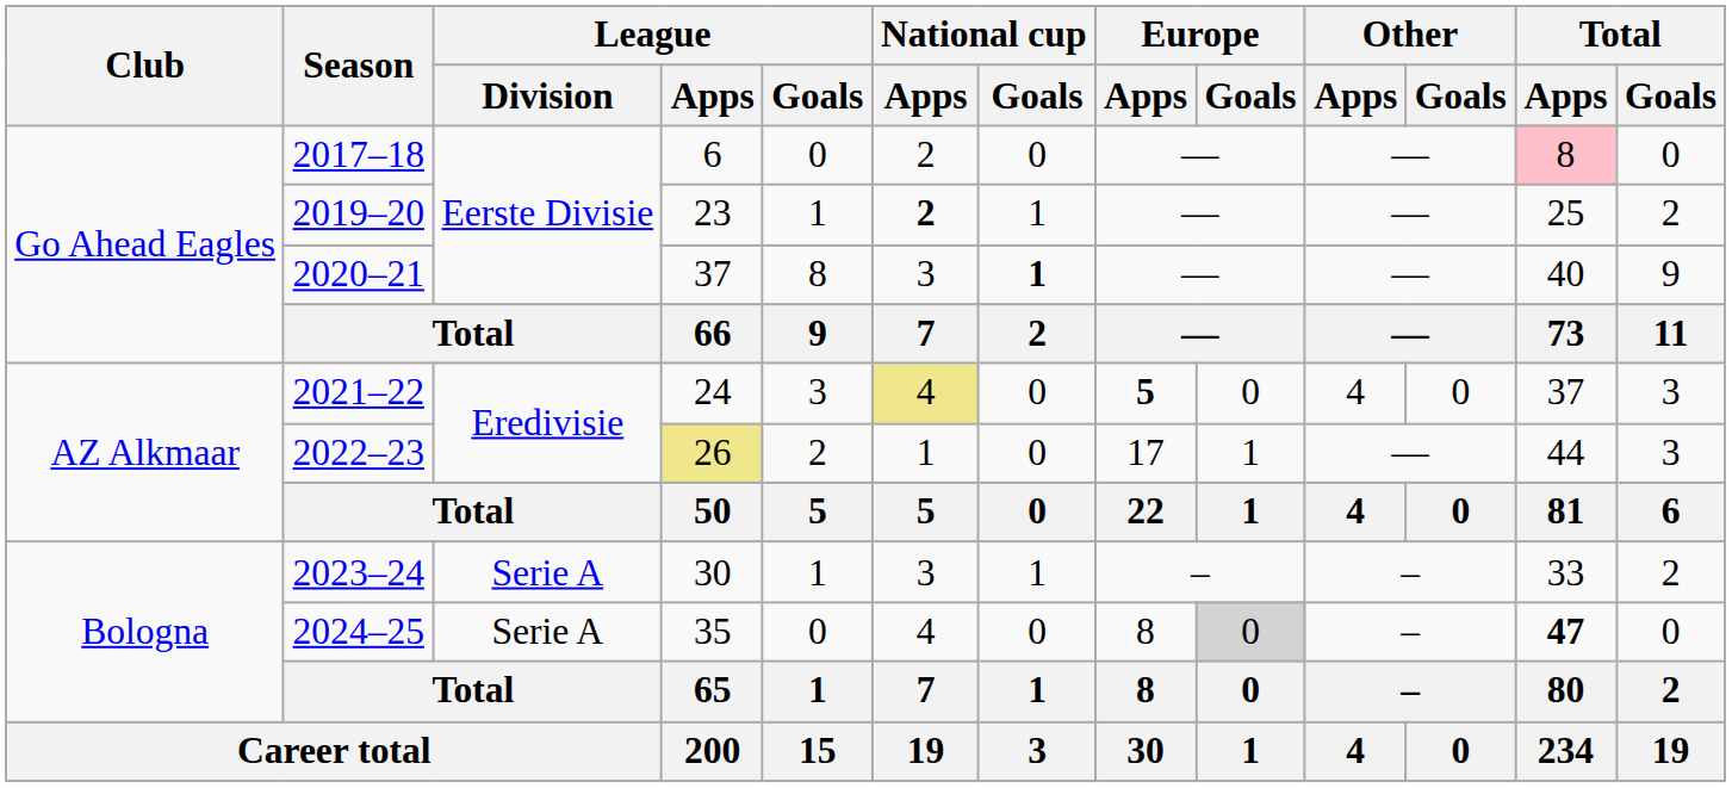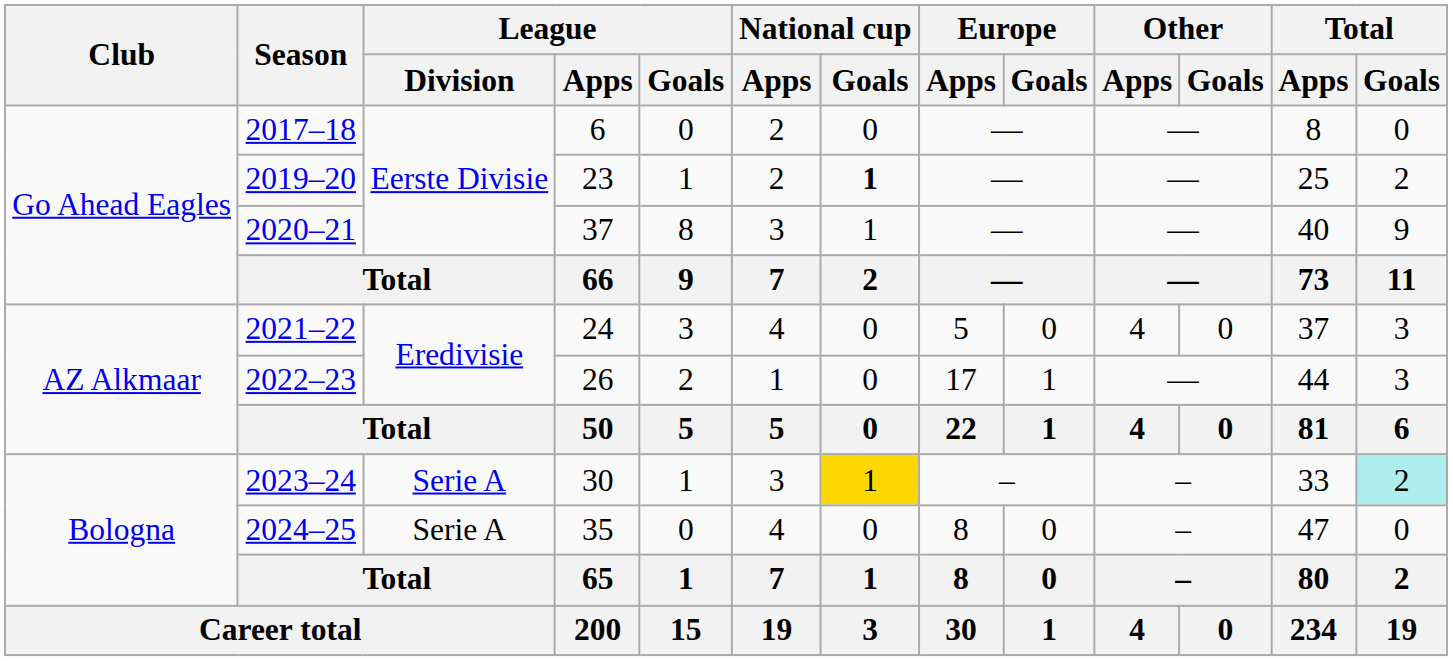 <table class="wikitable" style="text-align:center">
 <tr>
 <th rowspan="2">Club</th>
 <th rowspan="2">Season</th>
 <th colspan="3">League</th>
 <th colspan="2">National cup</th>
 <th colspan="2">Europe</th>
 <th colspan="2">Other</th>
 <th colspan="2">Total</th>
 </tr>
 <tr>
 <th>Division</th>
 <th>Apps</th>
 <th>Goals</th>
 <th>Apps</th>
 <th>Goals</th>
 <th>Apps</th>
 <th>Goals</th>
 <th>Apps</th>
 <th>Goals</th>
 <th>Apps</th>
 <th>Goals</th>
 </tr>
 <tr>
 <td rowspan="4"><a href='#'>Go Ahead Eagles</a></td>
 <td><a href='#'>2017–18</a></td>
 <td rowspan="3"><a href='#'>Eerste Divisie</a></td>
 <td>6</td>
 <td>0</td>
 <td>2</td>
 <td>0</td>
 <td colspan="2">—</td>
 <td colspan="2">—</td>
-<td style="background: pink;">8</td>
+<td>8</td>
 <td>0</td>
 </tr>
 <tr>
 <td><a href='#'>2019–20</a></td>
 <td>23</td>
 <td>1</td>
-<td><strong>2</strong></td>
-<td>1</td>
+<td>2</td>
+<td><strong>1</strong></td>
 <td colspan="2">—</td>
 <td colspan="2">—</td>
 <td>25</td>
 <td>2</td>
 </tr>
 <tr>
 <td><a href='#'>2020–21</a></td>
 <td>37</td>
 <td>8</td>
 <td>3</td>
-<td><strong>1</strong></td>
+<td>1</td>
 <td colspan="2">—</td>
 <td colspan="2">—</td>
 <td>40</td>
 <td>9</td>
 </tr>
 <tr>
 <th colspan="2">Total</th>
 <th>66</th>
 <th>9</th>
 <th>7</th>
 <th>2</th>
 <th colspan="2">—</th>
 <th colspan="2">—</th>
 <th>73</th>
 <th>11</th>
 </tr>
 <tr>
 <td rowspan="3"><a href='#'>AZ Alkmaar</a></td>
 <td><a href='#'>2021–22</a></td>
 <td rowspan="2"><a href='#'>Eredivisie</a></td>
 <td>24</td>
 <td>3</td>
-<td style="background: khaki;">4</td>
+<td>4</td>
 <td>0</td>
-<td><strong>5</strong></td>
+<td>5</td>
 <td>0</td>
 <td>4</td>
 <td>0</td>
 <td>37</td>
 <td>3</td>
 </tr>
 <tr>
 <td><a href='#'>2022–23</a></td>
-<td style="background: khaki;">26</td>
+<td>26</td>
 <td>2</td>
 <td>1</td>
 <td>0</td>
 <td>17</td>
 <td>1</td>
 <td colspan="2">—</td>
 <td>44</td>
 <td>3</td>
 </tr>
 <tr>
 <th colspan="2">Total</th>
 <th>50</th>
 <th>5</th>
 <th>5</th>
 <th>0</th>
 <th>22</th>
 <th>1</th>
 <th>4</th>
 <th>0</th>
 <th>81</th>
 <th>6</th>
 </tr>
 <tr>
 <td rowspan="3"><a href='#'>Bologna</a></td>
 <td><a href='#'>2023–24</a></td>
 <td><a href='#'>Serie A</a></td>
 <td>30</td>
 <td>1</td>
 <td>3</td>
-<td>1</td>
+<td style="background: gold;">1</td>
 <td colspan="2">–</td>
 <td colspan="2">–</td>
 <td>33</td>
-<td>2</td>
+<td style="background: paleturquoise;">2</td>
 </tr>
 <tr>
 <td><a href='#'>2024–25</a></td>
 <td>Serie A</td>
 <td>35</td>
 <td>0</td>
 <td>4</td>
 <td>0</td>
 <td>8</td>
-<td style="background: lightgrey;">0</td>
+<td>0</td>
 <td colspan="2">–</td>
-<td><strong>47</strong></td>
+<td>47</td>
 <td>0</td>
 </tr>
 <tr>
 <th colspan="2">Total</th>
 <th>65</th>
 <th>1</th>
 <th>7</th>
 <th>1</th>
 <th>8</th>
 <th>0</th>
 <th colspan="2">–</th>
 <th>80</th>
 <th>2</th>
 </tr>
 <tr>
 <th colspan="3">Career total</th>
 <th>200</th>
 <th>15</th>
 <th>19</th>
 <th>3</th>
 <th>30</th>
 <th>1</th>
 <th>4</th>
 <th>0</th>
 <th>234</th>
 <th>19</th>
 </tr>
 </table>
